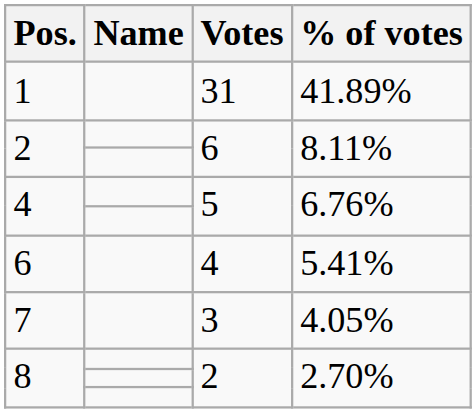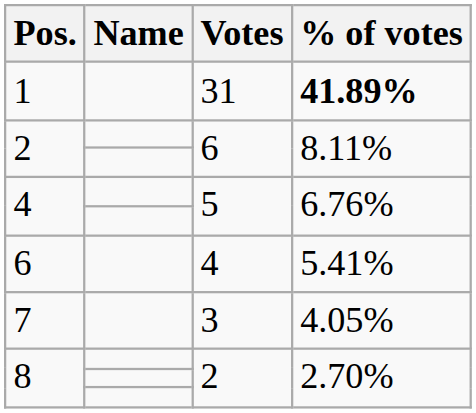 <table class="wikitable sortable">
 <tr>
 <th>Pos.</th>
 <th>Name</th>
 <th>Votes</th>
 <th>% of votes</th>
 </tr>
 <tr>
 <td>1</td>
 <td></td>
 <td>31</td>
-<td>41.89%</td>
+<td><strong>41.89%</strong></td>
 </tr>
 <tr>
 <td rowspan="2">2</td>
 <td></td>
 <td rowspan="2">6</td>
 <td rowspan="2">8.11%</td>
 </tr>
 <tr>
 <td></td>
 </tr>
 <tr>
 <td rowspan="2">4</td>
 <td></td>
 <td rowspan="2">5</td>
 <td rowspan="2">6.76%</td>
 </tr>
 <tr>
 <td></td>
 </tr>
 <tr>
 <td>6</td>
 <td></td>
 <td>4</td>
 <td>5.41%</td>
 </tr>
 <tr>
 <td>7</td>
 <td></td>
 <td>3</td>
 <td>4.05%</td>
 </tr>
 <tr>
 <td rowspan="3">8</td>
 <td></td>
 <td rowspan="3">2</td>
 <td rowspan="3">2.70%</td>
 </tr>
 <tr>
 <td></td>
 </tr>
 <tr>
 <td></td>
 </tr>
 </table>
